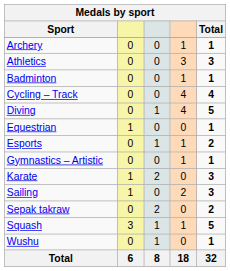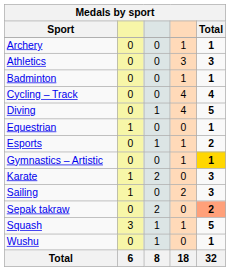 <table class="wikitable sortable" style="font-size:90%;text-align:center">
 <tr>
 <th colspan="7">Medals by sport</th>
 </tr>
 <tr>
 <th width="150">Sport</th>
 <th scope="col" width=30 style="background:#F7F6A8"></th>
 <th scope="col" width=30 style="background:#DCE5E5"></th>
 <th scope="col" width=30 style="background:#FFDAB9"></th>
 <th width="30">Total</th>
 </tr>
 <tr class="sortbottom">
 </tr>
 <tr>
 <td align="left"> <a href='#'>Archery</a></td>
 <td style="background:#F7F6A8">0</td>
 <td style="background:#DCE5E5">0</td>
 <td style="background:#FFDAB9">1</td>
 <td><strong>1</strong></td>
 </tr>
 <tr>
 <td align="left"> <a href='#'>Athletics</a></td>
 <td style="background:#F7F6A8">0</td>
 <td style="background:#DCE5E5">0</td>
 <td style="background:#FFDAB9">3</td>
 <td><strong>3</strong></td>
 </tr>
 <tr>
 <td align="left"> <a href='#'>Badminton</a></td>
 <td style="background:#F7F6A8">0</td>
 <td style="background:#DCE5E5">0</td>
 <td style="background:#FFDAB9">1</td>
 <td><strong>1</strong></td>
 </tr>
 <tr>
 <td align="left"> <a href='#'>Cycling – Track</a></td>
 <td style="background:#F7F6A8">0</td>
 <td style="background:#DCE5E5">0</td>
 <td style="background:#FFDAB9">4</td>
 <td><strong>4</strong></td>
 </tr>
 <tr>
 <td align="left"> <a href='#'>Diving</a></td>
 <td style="background:#F7F6A8">0</td>
 <td style="background:#DCE5E5">1</td>
 <td style="background:#FFDAB9">4</td>
 <td><strong>5</strong></td>
 </tr>
 <tr>
 <td align="left"> <a href='#'>Equestrian</a></td>
 <td style="background:#F7F6A8">1</td>
 <td style="background:#DCE5E5">0</td>
 <td style="background:#FFDAB9">0</td>
 <td><strong>1</strong></td>
 </tr>
 <tr>
 <td align="left"> <a href='#'>Esports</a></td>
 <td style="background:#F7F6A8">0</td>
 <td style="background:#DCE5E5">1</td>
 <td style="background:#FFDAB9">1</td>
 <td><strong>2</strong></td>
 </tr>
 <tr>
 <td align="left"> <a href='#'>Gymnastics – Artistic</a></td>
 <td style="background:#F7F6A8">0</td>
 <td style="background:#DCE5E5">0</td>
 <td style="background:#FFDAB9">1</td>
-<td><strong>1</strong></td>
+<td style="background: gold;"><strong>1</strong></td>
 </tr>
 <tr>
 <td align="left"> <a href='#'>Karate</a></td>
 <td style="background:#F7F6A8">1</td>
 <td style="background:#DCE5E5">2</td>
 <td style="background:#FFDAB9">0</td>
 <td><strong>3</strong></td>
 </tr>
 <tr>
 <td align="left"> <a href='#'>Sailing</a></td>
 <td style="background:#F7F6A8">1</td>
 <td style="background:#DCE5E5">0</td>
 <td style="background:#FFDAB9">2</td>
 <td><strong>3</strong></td>
 </tr>
 <tr>
 <td align="left"> <a href='#'>Sepak takraw</a></td>
 <td style="background:#F7F6A8">0</td>
 <td style="background:#DCE5E5">2</td>
 <td style="background:#FFDAB9">0</td>
-<td><strong>2</strong></td>
+<td style="background: lightsalmon;"><strong>2</strong></td>
 </tr>
 <tr>
 <td align="left"> <a href='#'>Squash</a></td>
 <td style="background:#F7F6A8">3</td>
 <td style="background:#DCE5E5">1</td>
 <td style="background:#FFDAB9">1</td>
 <td><strong>5</strong></td>
 </tr>
 <tr>
 <td align="left"> <a href='#'>Wushu</a></td>
 <td style="background:#F7F6A8">0</td>
 <td style="background:#DCE5E5">1</td>
 <td style="background:#FFDAB9">0</td>
 <td><strong>1</strong></td>
 </tr>
 <tr>
 <th>Total</th>
 <th>6</th>
 <th>8</th>
 <th>18</th>
 <th>32</th>
 </tr>
 </table>
